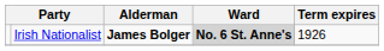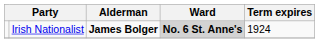 <table class="wikitable">
 <tr>
 <th colspan="2">Party</th>
 <th>Alderman</th>
 <th>Ward</th>
 <th>Term expires</th>
 </tr>
 <tr>
 <td style="background-color:"></td>
 <td><a href='#'>Irish Nationalist</a></td>
 <td><strong>James Bolger</strong></td>
 <td style="background: lightgrey;"><strong>No. 6 St. Anne's</strong></td>
-<td>1926</td>
+<td>1924</td>
 </tr>
 <tr>
 </tr>
 </table>
